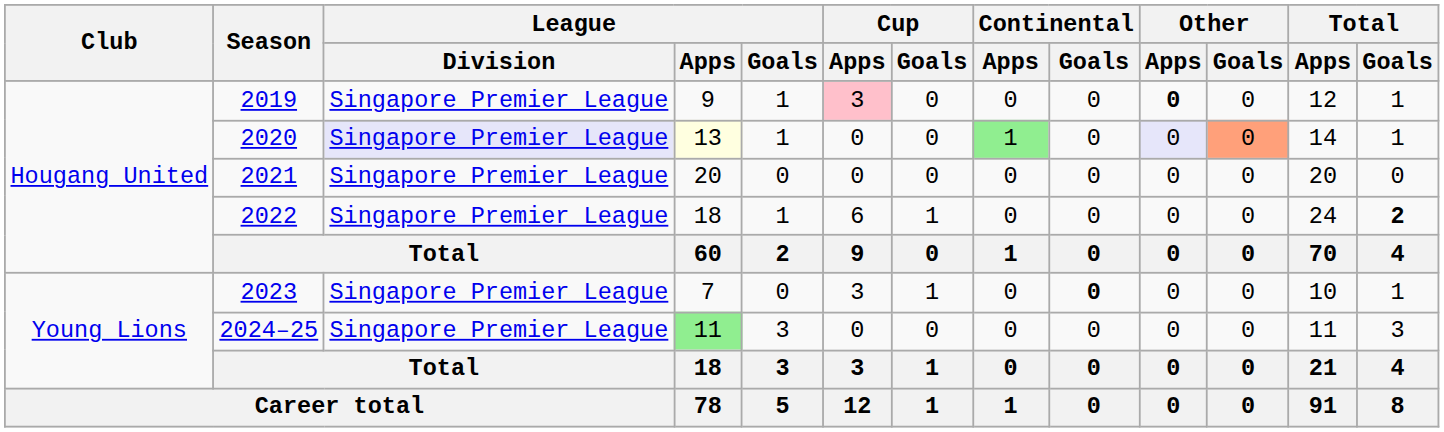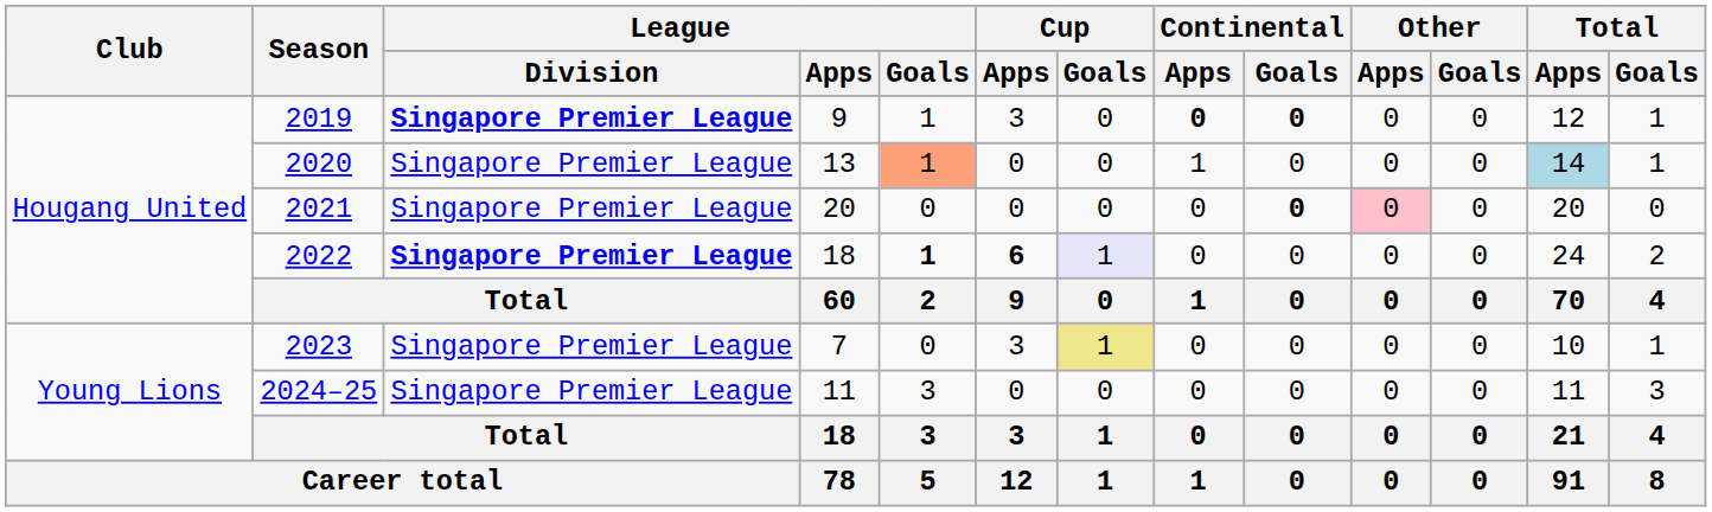 <table class="wikitable" style="text-align: center">
 <tr>
 <th rowspan="2">Club</th>
 <th rowspan="2">Season</th>
 <th colspan="3">League</th>
 <th colspan="2">Cup</th>
 <th colspan="2">Continental</th>
 <th colspan="2">Other</th>
 <th colspan="2">Total</th>
 </tr>
 <tr>
 <th>Division</th>
 <th>Apps</th>
 <th>Goals</th>
 <th>Apps</th>
 <th>Goals</th>
 <th>Apps</th>
 <th>Goals</th>
 <th>Apps</th>
 <th>Goals</th>
 <th>Apps</th>
 <th>Goals</th>
 </tr>
 <tr>
 <td rowspan="5"><a href='#'>Hougang United</a></td>
 <td><a href='#'>2019</a></td>
-<td><a href='#'>Singapore Premier League</a></td>
+<td><strong><a href='#'>Singapore Premier League</a></strong></td>
 <td>9</td>
 <td>1</td>
-<td style="background: pink;">3</td>
-<td>0</td>
-<td>0</td>
+<td>3</td>
 <td>0</td>
 <td><strong>0</strong></td>
+<td><strong>0</strong></td>
+<td>0</td>
 <td>0</td>
 <td>12</td>
 <td>1</td>
 </tr>
 <tr>
 <td><a href='#'>2020</a></td>
-<td style="background: lavender;"><a href='#'>Singapore Premier League</a></td>
-<td style="background: lightyellow;">13</td>
+<td><a href='#'>Singapore Premier League</a></td>
+<td>13</td>
+<td style="background: lightsalmon;">1</td>
+<td>0</td>
+<td>0</td>
 <td>1</td>
 <td>0</td>
 <td>0</td>
-<td style="background: lightgreen;">1</td>
 <td>0</td>
-<td style="background: lavender;">0</td>
-<td style="background: lightsalmon;">0</td>
-<td>14</td>
+<td style="background: lightblue;">14</td>
 <td>1</td>
 </tr>
 <tr>
 <td><a href='#'>2021</a></td>
 <td><a href='#'>Singapore Premier League</a></td>
 <td>20</td>
 <td>0</td>
 <td>0</td>
 <td>0</td>
 <td>0</td>
-<td>0</td>
-<td>0</td>
+<td><strong>0</strong></td>
+<td style="background: pink;">0</td>
 <td>0</td>
 <td>20</td>
 <td>0</td>
 </tr>
 <tr>
 <td><a href='#'>2022</a></td>
-<td><a href='#'>Singapore Premier League</a></td>
+<td><strong><a href='#'>Singapore Premier League</a></strong></td>
 <td>18</td>
-<td>1</td>
-<td>6</td>
-<td>1</td>
+<td><strong>1</strong></td>
+<td><strong>6</strong></td>
+<td style="background: lavender;">1</td>
 <td>0</td>
 <td>0</td>
 <td>0</td>
 <td>0</td>
 <td>24</td>
-<td><strong>2</strong></td>
+<td>2</td>
 </tr>
 <tr>
 <th colspan=2>Total</th>
 <th>60</th>
 <th>2</th>
 <th>9</th>
 <th>0</th>
 <th>1</th>
 <th>0</th>
 <th>0</th>
 <th>0</th>
 <th>70</th>
 <th>4</th>
 </tr>
 <tr>
 <td rowspan="3"><a href='#'>Young Lions</a></td>
 <td><a href='#'>2023</a></td>
 <td><a href='#'>Singapore Premier League</a></td>
 <td>7</td>
 <td>0</td>
 <td>3</td>
-<td>1</td>
+<td style="background: khaki;">1</td>
 <td>0</td>
-<td><strong>0</strong></td>
+<td>0</td>
 <td>0</td>
 <td>0</td>
 <td>10</td>
 <td>1</td>
 </tr>
 <tr>
 <td><a href='#'>2024–25</a></td>
 <td><a href='#'>Singapore Premier League</a></td>
-<td style="background: lightgreen;">11</td>
+<td>11</td>
 <td>3</td>
 <td>0</td>
 <td>0</td>
 <td>0</td>
 <td>0</td>
 <td>0</td>
 <td>0</td>
 <td>11</td>
 <td>3</td>
 </tr>
 <tr>
 <th colspan=2>Total</th>
 <th>18</th>
 <th>3</th>
 <th>3</th>
 <th>1</th>
 <th>0</th>
 <th>0</th>
 <th>0</th>
 <th>0</th>
 <th>21</th>
 <th>4</th>
 </tr>
 <tr>
 <th colspan=3>Career total</th>
 <th>78</th>
 <th>5</th>
 <th>12</th>
 <th>1</th>
 <th>1</th>
 <th>0</th>
 <th>0</th>
 <th>0</th>
 <th>91</th>
 <th>8</th>
 </tr>
 </table>
